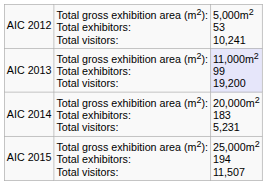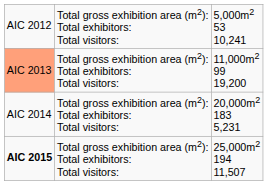 <table class="wikitable">
 <tr>
 <td>AIC 2012</td>
 <td>Total gross exhibition area (m<sup>2</sup>):<br>Total exhibitors:<br>Total visitors:</td>
 <td>5,000m<sup>2</sup><br>53<br>10,241</td>
 </tr>
 <tr>
-<td>AIC 2013</td>
+<td style="background: lightsalmon;">AIC 2013</td>
 <td>Total gross exhibition area (m<sup>2</sup>):<br>Total exhibitors:<br>Total visitors:</td>
-<td style="background: lavender;">11,000m<sup>2</sup><br>99<br>19,200</td>
+<td>11,000m<sup>2</sup><br>99<br>19,200</td>
 </tr>
 <tr>
 <td>AIC 2014</td>
 <td>Total gross exhibition area (m<sup>2</sup>):<br>Total exhibitors:<br>Total visitors:</td>
 <td>20,000m<sup>2</sup><br>183<br>5,231</td>
 </tr>
 <tr>
-<td>AIC 2015</td>
+<td><strong>AIC 2015</strong></td>
 <td>Total gross exhibition area (m<sup>2</sup>):<br>Total exhibitors:<br>Total visitors:</td>
 <td>25,000m<sup>2</sup><br>194<br>11,507</td>
 </tr>
 </table>
